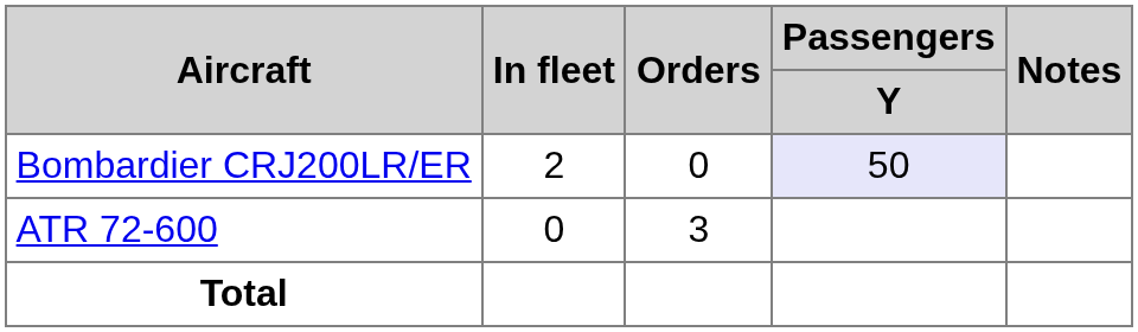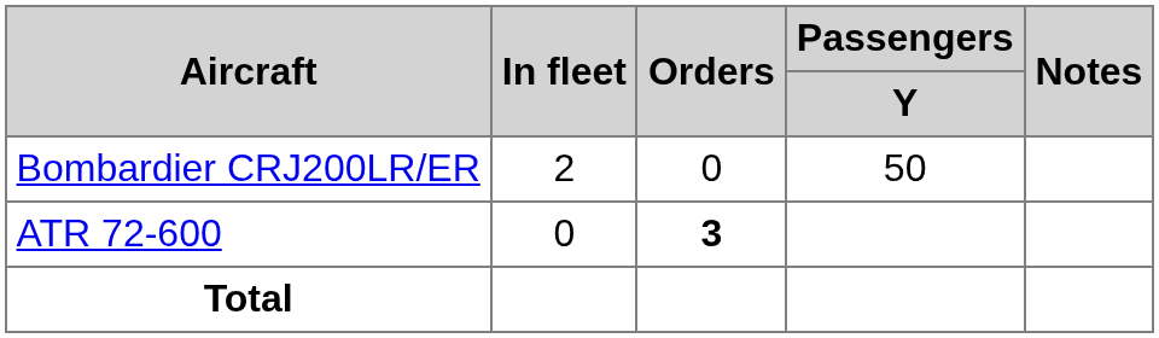 <table class="toccolours" border="1" cellpadding="4" style="margin:1em auto; border-collapse:collapse; text-align: center">
 <tr style="background:lightgrey;">
 <th rowspan=2>Aircraft</th>
 <th rowspan=2>In fleet</th>
 <th rowspan=2>Orders</th>
 <th>Passengers</th>
 <th rowspan=2>Notes</th>
 </tr>
 <tr style="background:lightgrey;">
 <th><abbr>Y</abbr></th>
 </tr>
 <tr>
 <td align=left><a href='#'>Bombardier CRJ200LR/ER</a></td>
 <td>2</td>
 <td>0</td>
-<td style="background: lavender;">50</td>
+<td>50</td>
 </tr>
 <tr>
 <td align=left><a href='#'>ATR 72-600</a></td>
 <td>0</td>
-<td>3</td>
+<td><strong>3</strong></td>
 <td></td>
 <td></td>
 </tr>
 <tr>
 </tr>
 <tr>
 </tr>
 <tr>
 <th>Total</th>
 <th></th>
 <th></th>
 <th></th>
 <td></td>
 </tr>
 </table>
